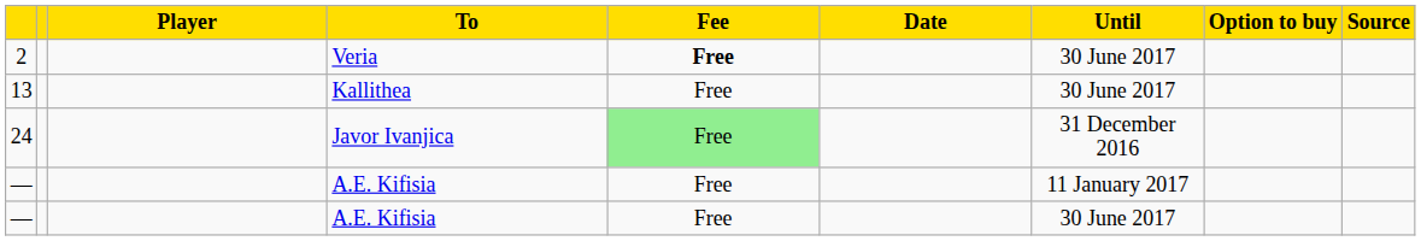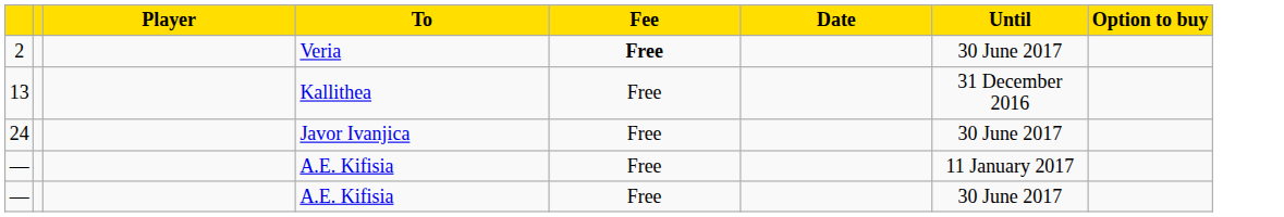 <table class="wikitable sortable">
 <tr>
 <th style="background:#FFDE00"></th>
 <th style="background:#FFDE00"></th>
 <th width=200 style="background:#FFDE00">Player</th>
 <th width=200 style="background:#FFDE00">To</th>
 <th width=150 style="background:#FFDE00">Fee</th>
 <th width=150 style="background:#FFDE00">Date</th>
 <th width=120 style="background:#FFDE00">Until</th>
 <th style="background:#FFDE00">Option to buy</th>
-<th style="background:#FFDE00">Source</th>
 </tr>
 <tr>
 <td align=center>2</td>
 <td align=center></td>
 <td></td>
 <td> <a href='#'>Veria</a></td>
 <td align=center><strong>Free</strong></td>
 <td align=center></td>
 <td align=center>30 June 2017</td>
 <td align=center></td>
-<td align=center></td>
 </tr>
 <tr>
 <td align=center>13</td>
 <td align=center></td>
 <td></td>
 <td> <a href='#'>Kallithea</a></td>
 <td align=center>Free</td>
 <td align=center></td>
-<td align=center>30 June 2017</td>
-<td align=center></td>
+<td align=center>31 December 2016</td>
 <td align=center></td>
 </tr>
 <tr>
 <td align=center>24</td>
 <td align=center></td>
 <td></td>
 <td> <a href='#'>Javor Ivanjica</a></td>
-<td align=center style="background: lightgreen;">Free</td>
+<td align=center>Free</td>
 <td align=center></td>
-<td align=center>31 December 2016</td>
-<td align=center></td>
+<td align=center>30 June 2017</td>
 <td align=center></td>
 </tr>
 <tr>
 <td align=center>—</td>
 <td align=center></td>
 <td></td>
 <td> <a href='#'>A.E. Kifisia</a></td>
 <td align=center>Free</td>
 <td align=center></td>
 <td align=center>11 January 2017</td>
 <td align=center></td>
-<td align=center></td>
 </tr>
 <tr>
 <td align=center>—</td>
 <td align=center></td>
 <td></td>
 <td> <a href='#'>A.E. Kifisia</a></td>
 <td align=center>Free</td>
 <td align=center></td>
 <td align=center>30 June 2017</td>
 <td align=center></td>
-<td align=center></td>
 </tr>
 </table>
